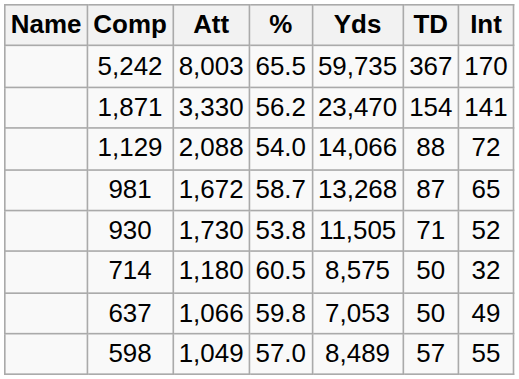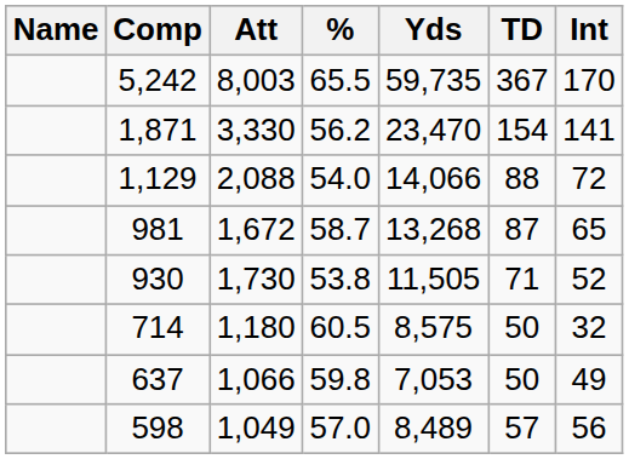 <table class="wikitable sortable" style="text-align:center">
 <tr>
 <th scope="col">Name</th>
 <th scope="col">Comp</th>
 <th scope="col">Att</th>
 <th scope="col">%</th>
 <th scope="col">Yds</th>
 <th scope="col">TD</th>
 <th scope="col">Int</th>
 </tr>
 <tr>
 <td></td>
 <td>5,242</td>
 <td>8,003</td>
 <td>65.5</td>
 <td>59,735</td>
 <td>367</td>
 <td>170</td>
 </tr>
 <tr>
 <td></td>
 <td>1,871</td>
 <td>3,330</td>
 <td>56.2</td>
 <td>23,470</td>
 <td>154</td>
 <td>141</td>
 </tr>
 <tr>
 <td></td>
 <td>1,129</td>
 <td>2,088</td>
 <td>54.0</td>
 <td>14,066</td>
 <td>88</td>
 <td>72</td>
 </tr>
 <tr>
 <td></td>
 <td>981</td>
 <td>1,672</td>
 <td>58.7</td>
 <td>13,268</td>
 <td>87</td>
 <td>65</td>
 </tr>
 <tr>
 <td></td>
 <td>930</td>
 <td>1,730</td>
 <td>53.8</td>
 <td>11,505</td>
 <td>71</td>
 <td>52</td>
 </tr>
 <tr>
 <td></td>
 <td>714</td>
 <td>1,180</td>
 <td>60.5</td>
 <td>8,575</td>
 <td>50</td>
 <td>32</td>
 </tr>
 <tr>
 <td></td>
 <td>637</td>
 <td>1,066</td>
 <td>59.8</td>
 <td>7,053</td>
 <td>50</td>
 <td>49</td>
 </tr>
 <tr>
 <td></td>
 <td>598</td>
 <td>1,049</td>
 <td>57.0</td>
 <td>8,489</td>
 <td>57</td>
-<td>55</td>
+<td>56</td>
 </tr>
 </table>
